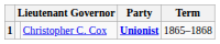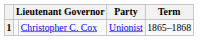 <table class="wikitable">
 <tr>
 <th></th>
 <th colspan=2>Lieutenant Governor</th>
 <th>Party</th>
 <th>Term</th>
 </tr>
 <tr>
 <th>1</th>
 <td></td>
 <td><a href='#'>Christopher C. Cox</a></td>
-<td><strong><a href='#'>Unionist</a></strong></td>
+<td><a href='#'>Unionist</a></td>
 <td>1865–1868</td>
 </tr>
 </table>
